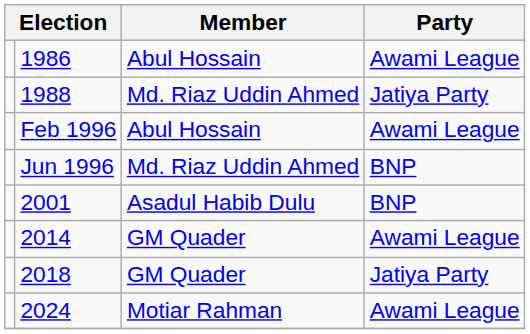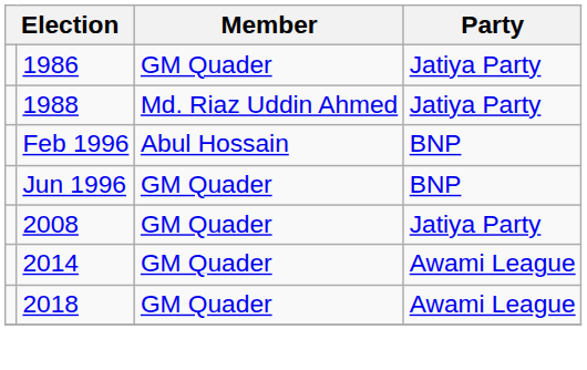 <table class="wikitable">
 <tr>
 <th colspan="2">Election</th>
 <th>Member</th>
 <th>Party</th>
 </tr>
 <tr>
 <td style="background-color:"></td>
 <td><a href='#'>1986</a></td>
-<td><a href='#'>Abul Hossain</a></td>
-<td><a href='#'>Awami League</a></td>
+<td><a href='#'>GM Quader</a></td>
+<td><a href='#'>Jatiya Party</a></td>
 </tr>
 <tr>
 <td style="background-color:"></td>
 <td><a href='#'>1988</a></td>
 <td><a href='#'>Md. Riaz Uddin Ahmed</a></td>
 <td><a href='#'>Jatiya Party</a></td>
 </tr>
 <tr>
 <td style="background-color:"></td>
 <td><a href='#'>Feb 1996</a></td>
 <td><a href='#'>Abul Hossain</a></td>
-<td><a href='#'>Awami League</a></td>
+<td><a href='#'>BNP</a></td>
 </tr>
 <tr>
 <td style="background-color:"></td>
 <td><a href='#'>Jun 1996</a></td>
-<td><a href='#'>Md. Riaz Uddin Ahmed</a></td>
+<td><a href='#'>GM Quader</a></td>
 <td><a href='#'>BNP</a></td>
 </tr>
 <tr>
 <td style="background-color:"></td>
-<td><a href='#'>2001</a></td>
-<td><a href='#'>Asadul Habib Dulu</a></td>
-<td><a href='#'>BNP</a></td>
+<td><a href='#'>2008</a></td>
+<td><a href='#'>GM Quader</a></td>
+<td><a href='#'>Jatiya Party</a></td>
 </tr>
 <tr>
 <td style="background-color:"></td>
 <td><a href='#'>2014</a></td>
 <td><a href='#'>GM Quader</a></td>
 <td><a href='#'>Awami League</a></td>
 </tr>
 <tr>
 <td style="background-color:"></td>
 <td><a href='#'>2018</a></td>
 <td><a href='#'>GM Quader</a></td>
-<td><a href='#'>Jatiya Party</a></td>
-</tr>
-<tr>
-<td style="background-color:"></td>
-<td><a href='#'>2024</a></td>
-<td><a href='#'>Motiar Rahman</a></td>
 <td><a href='#'>Awami League</a></td>
 </tr>
 <tr>
 </tr>
 </table>
